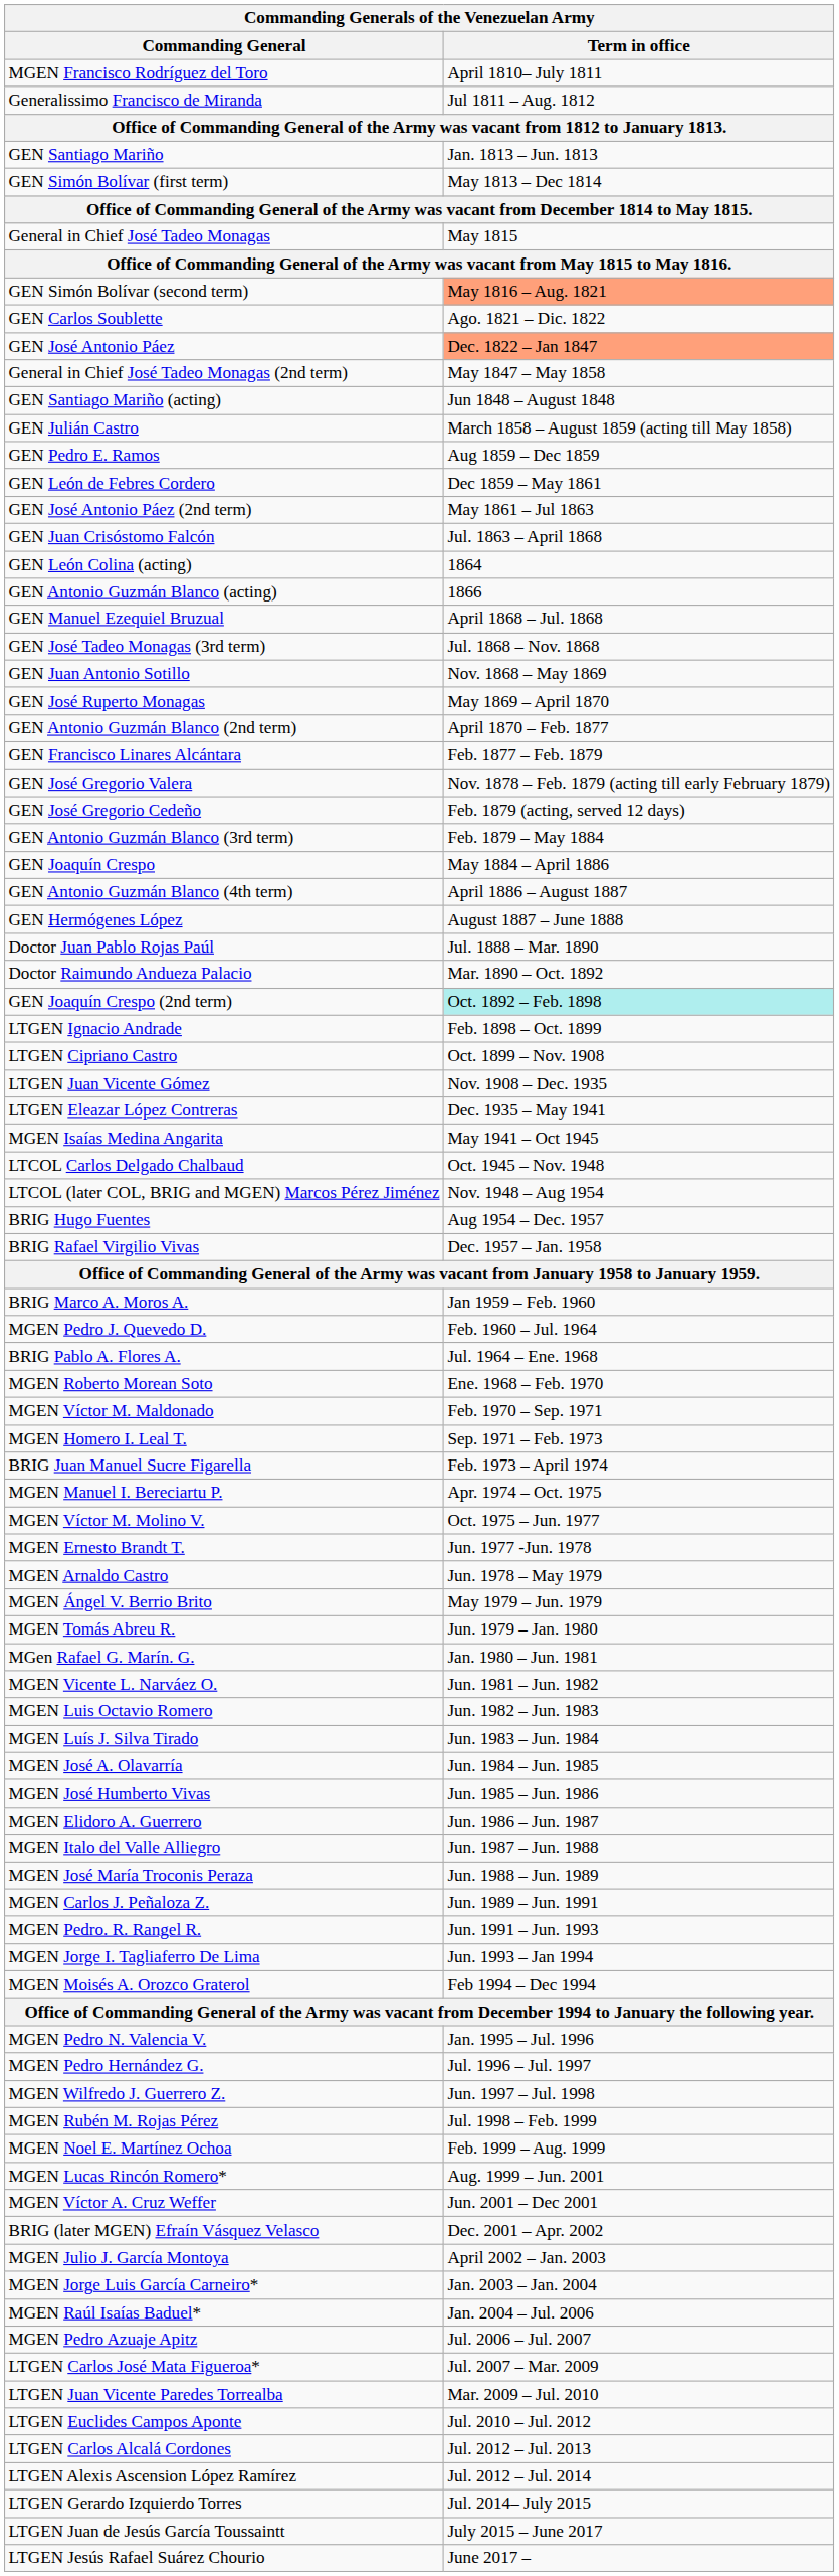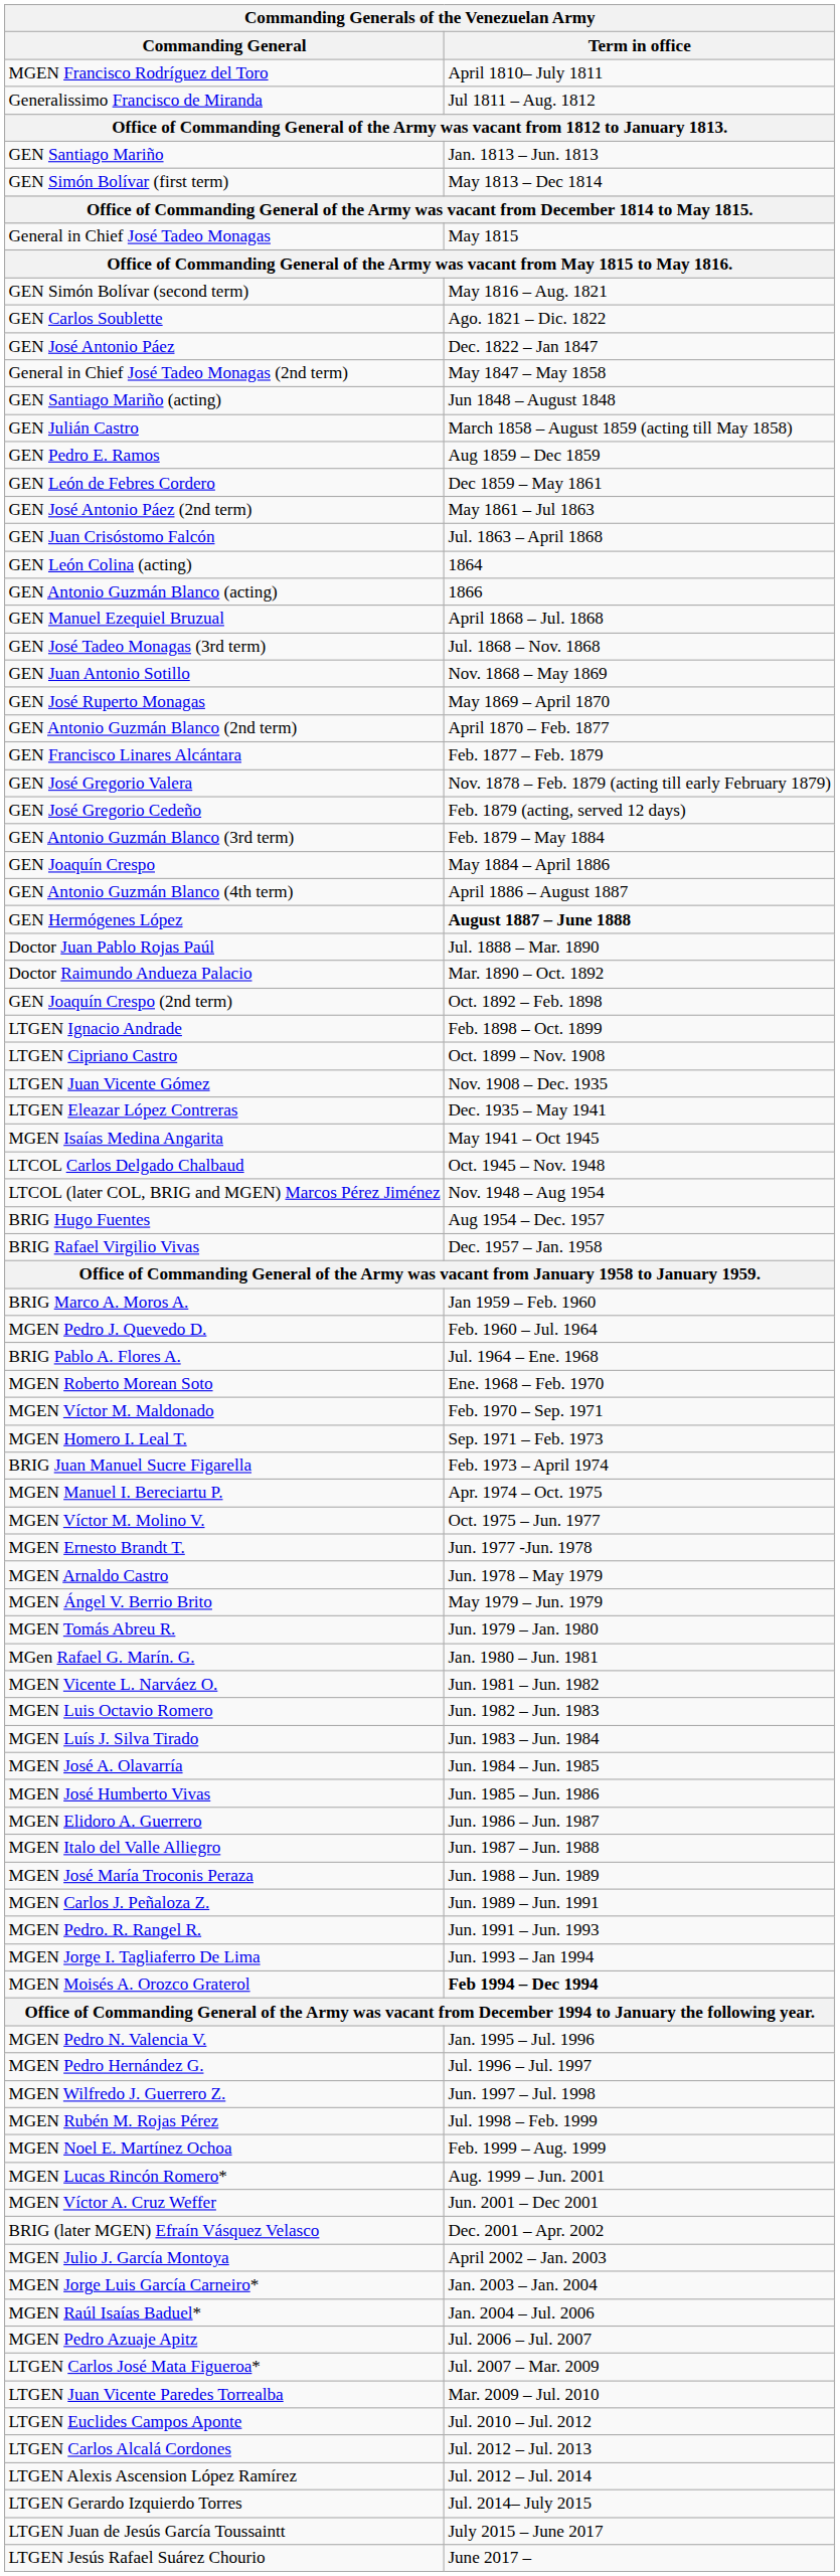 <table class="wikitable">
 <tr>
 <th colspan="4">Commanding Generals of the Venezuelan Army</th>
 </tr>
 <tr>
 <th align="center">Commanding General</th>
 <th align="center">Term in office</th>
 </tr>
 <tr>
 <td>MGEN <a href='#'>Francisco Rodríguez del Toro</a></td>
 <td>April 1810– July 1811</td>
 </tr>
 <tr>
 <td>Generalissimo <a href='#'>Francisco de Miranda</a></td>
 <td>Jul 1811 – Aug. 1812</td>
 </tr>
 <tr>
 <th colspan=4>Office of Commanding General of the Army was vacant from 1812 to January 1813.</th>
 </tr>
 <tr>
 <td>GEN <a href='#'>Santiago Mariño</a></td>
 <td>Jan. 1813 – Jun. 1813</td>
 </tr>
 <tr>
 <td>GEN <a href='#'>Simón Bolívar</a> (first term)</td>
 <td>May 1813 – Dec 1814</td>
 </tr>
 <tr bgcolor="cfcfcf">
 <th colspan=4>Office of Commanding General of the Army was vacant from December 1814 to May 1815.</th>
 </tr>
 <tr>
 <td>General in Chief <a href='#'>José Tadeo Monagas</a></td>
 <td>May 1815</td>
 </tr>
 <tr>
 <th colspan=4>Office of Commanding General of the Army was vacant from May 1815 to May 1816.</th>
 </tr>
 <tr>
 <td>GEN Simón Bolívar (second term)</td>
-<td style="background: lightsalmon;">May 1816 – Aug. 1821</td>
+<td>May 1816 – Aug. 1821</td>
 </tr>
 <tr>
 <td>GEN <a href='#'>Carlos Soublette</a></td>
 <td>Ago. 1821 – Dic. 1822</td>
 </tr>
 <tr>
 <td>GEN <a href='#'>José Antonio Páez</a></td>
-<td style="background: lightsalmon;">Dec. 1822 – Jan 1847</td>
+<td>Dec. 1822 – Jan 1847</td>
 </tr>
 <tr>
 <td>General in Chief <a href='#'>José Tadeo Monagas</a> (2nd term)</td>
 <td>May 1847 – May 1858</td>
 </tr>
 <tr>
 <td>GEN <a href='#'>Santiago Mariño</a> (acting)</td>
 <td>Jun 1848 – August 1848</td>
 </tr>
 <tr>
 <td>GEN <a href='#'>Julián Castro</a></td>
 <td>March 1858 – August 1859 (acting till May 1858)</td>
 </tr>
 <tr>
 <td>GEN <a href='#'>Pedro E. Ramos</a></td>
 <td>Aug 1859 – Dec 1859</td>
 </tr>
 <tr>
 <td>GEN <a href='#'>León de Febres Cordero</a></td>
 <td>Dec 1859 – May 1861</td>
 </tr>
 <tr>
 <td>GEN <a href='#'>José Antonio Páez</a> (2nd term)</td>
 <td>May 1861 – Jul 1863</td>
 </tr>
 <tr>
 <td>GEN <a href='#'>Juan Crisóstomo Falcón</a></td>
 <td>Jul. 1863 – April 1868</td>
 </tr>
 <tr>
 <td>GEN <a href='#'>León Colina</a> (acting)</td>
 <td>1864</td>
 </tr>
 <tr>
 <td>GEN <a href='#'>Antonio Guzmán Blanco</a> (acting)</td>
 <td>1866</td>
 </tr>
 <tr>
 <td>GEN <a href='#'>Manuel Ezequiel Bruzual</a></td>
 <td>April 1868 – Jul. 1868</td>
 </tr>
 <tr>
 <td>GEN <a href='#'>José Tadeo Monagas</a> (3rd term)</td>
 <td>Jul. 1868 – Nov. 1868</td>
 </tr>
 <tr>
 <td>GEN <a href='#'>Juan Antonio Sotillo</a></td>
 <td>Nov. 1868 – May 1869</td>
 </tr>
 <tr>
 <td>GEN <a href='#'>José Ruperto Monagas</a></td>
 <td>May 1869 – April 1870</td>
 </tr>
 <tr>
 <td>GEN <a href='#'>Antonio Guzmán Blanco</a> (2nd term)</td>
 <td>April 1870 – Feb. 1877</td>
 </tr>
 <tr>
 <td>GEN <a href='#'>Francisco Linares Alcántara</a></td>
 <td>Feb. 1877 – Feb. 1879</td>
 </tr>
 <tr>
 <td>GEN <a href='#'>José Gregorio Valera</a></td>
 <td>Nov. 1878 – Feb. 1879 (acting till early February 1879)</td>
 </tr>
 <tr>
 <td>GEN <a href='#'>José Gregorio Cedeño</a></td>
 <td>Feb. 1879 (acting, served 12 days)</td>
 </tr>
 <tr>
 <td>GEN <a href='#'>Antonio Guzmán Blanco</a> (3rd term)</td>
 <td>Feb. 1879 – May 1884</td>
 </tr>
 <tr>
 <td>GEN <a href='#'>Joaquín Crespo</a></td>
 <td>May 1884 – April 1886</td>
 </tr>
 <tr>
 <td>GEN <a href='#'>Antonio Guzmán Blanco</a> (4th term)</td>
 <td>April 1886 – August 1887</td>
 </tr>
 <tr>
 <td>GEN <a href='#'>Hermógenes López</a></td>
-<td>August 1887 – June 1888</td>
+<td><strong>August 1887 – June 1888</strong></td>
 </tr>
 <tr>
 <td>Doctor <a href='#'>Juan Pablo Rojas Paúl</a></td>
 <td>Jul. 1888 – Mar. 1890</td>
 </tr>
 <tr>
 <td>Doctor <a href='#'>Raimundo Andueza Palacio</a></td>
 <td>Mar. 1890 – Oct. 1892</td>
 </tr>
 <tr>
 <td>GEN <a href='#'>Joaquín Crespo</a> (2nd term)</td>
-<td style="background: paleturquoise;">Oct. 1892 – Feb. 1898</td>
+<td>Oct. 1892 – Feb. 1898</td>
 </tr>
 <tr>
 <td>LTGEN <a href='#'>Ignacio Andrade</a></td>
 <td>Feb. 1898 – Oct. 1899</td>
 </tr>
 <tr>
 <td>LTGEN <a href='#'>Cipriano Castro</a></td>
 <td>Oct. 1899 – Nov. 1908</td>
 </tr>
 <tr>
 <td>LTGEN <a href='#'>Juan Vicente Gómez</a></td>
 <td>Nov. 1908 – Dec. 1935</td>
 </tr>
 <tr>
 <td>LTGEN <a href='#'>Eleazar López Contreras</a></td>
 <td>Dec. 1935 – May 1941</td>
 </tr>
 <tr>
 <td>MGEN <a href='#'>Isaías Medina Angarita</a></td>
 <td>May 1941 – Oct 1945</td>
 </tr>
 <tr>
 <td>LTCOL <a href='#'>Carlos Delgado Chalbaud</a></td>
 <td>Oct. 1945 – Nov. 1948</td>
 </tr>
 <tr>
 <td>LTCOL (later COL, BRIG and MGEN) <a href='#'>Marcos Pérez Jiménez</a></td>
 <td>Nov. 1948 – Aug 1954</td>
 </tr>
 <tr>
 <td>BRIG <a href='#'>Hugo Fuentes</a></td>
 <td>Aug 1954 – Dec. 1957</td>
 </tr>
 <tr>
 <td>BRIG <a href='#'>Rafael Virgilio Vivas</a></td>
 <td>Dec. 1957 – Jan. 1958</td>
 </tr>
 <tr>
 <th colspan=4>Office of Commanding General of the Army was vacant from January 1958 to January 1959.</th>
 </tr>
 <tr>
 <td>BRIG <a href='#'>Marco A. Moros A.</a></td>
 <td>Jan 1959 – Feb. 1960</td>
 </tr>
 <tr>
 <td>MGEN <a href='#'>Pedro J. Quevedo D.</a></td>
 <td>Feb. 1960 – Jul. 1964</td>
 </tr>
 <tr>
 <td>BRIG <a href='#'>Pablo A. Flores A.</a></td>
 <td>Jul. 1964 – Ene. 1968</td>
 </tr>
 <tr>
 <td>MGEN <a href='#'>Roberto Morean Soto</a></td>
 <td>Ene. 1968 – Feb. 1970</td>
 </tr>
 <tr>
 <td>MGEN <a href='#'>Víctor M. Maldonado</a></td>
 <td>Feb. 1970 – Sep. 1971</td>
 </tr>
 <tr>
 <td>MGEN <a href='#'>Homero I. Leal T.</a></td>
 <td>Sep. 1971 – Feb. 1973</td>
 </tr>
 <tr>
 <td>BRIG <a href='#'>Juan Manuel Sucre Figarella</a></td>
 <td>Feb. 1973 – April 1974</td>
 </tr>
 <tr>
 <td>MGEN <a href='#'>Manuel I. Bereciartu P.</a></td>
 <td>Apr. 1974 – Oct. 1975</td>
 </tr>
 <tr>
 <td>MGEN <a href='#'>Víctor M. Molino V.</a></td>
 <td>Oct. 1975 – Jun. 1977</td>
 </tr>
 <tr>
 <td>MGEN <a href='#'>Ernesto Brandt T.</a></td>
 <td>Jun. 1977 -Jun. 1978</td>
 </tr>
 <tr>
 <td>MGEN <a href='#'>Arnaldo Castro</a></td>
 <td>Jun. 1978 – May 1979</td>
 </tr>
 <tr>
 <td>MGEN <a href='#'>Ángel V. Berrio Brito</a></td>
 <td>May 1979 – Jun. 1979</td>
 </tr>
 <tr>
 <td>MGEN <a href='#'>Tomás Abreu R.</a></td>
 <td>Jun. 1979 – Jan. 1980</td>
 </tr>
 <tr>
 <td>MGen <a href='#'>Rafael G. Marín. G.</a></td>
 <td>Jan. 1980 – Jun. 1981</td>
 </tr>
 <tr>
 <td>MGEN <a href='#'>Vicente L. Narváez O.</a></td>
 <td>Jun. 1981 – Jun. 1982</td>
 </tr>
 <tr>
 <td>MGEN <a href='#'>Luis Octavio Romero</a></td>
 <td>Jun. 1982 – Jun. 1983</td>
 </tr>
 <tr>
 <td>MGEN <a href='#'>Luís J. Silva Tirado</a></td>
 <td>Jun. 1983 – Jun. 1984</td>
 </tr>
 <tr>
 <td>MGEN <a href='#'>José A. Olavarría</a></td>
 <td>Jun. 1984 – Jun. 1985</td>
 </tr>
 <tr>
 <td>MGEN <a href='#'>José Humberto Vivas</a></td>
 <td>Jun. 1985 – Jun. 1986</td>
 </tr>
 <tr>
 <td>MGEN <a href='#'>Elidoro A. Guerrero</a></td>
 <td>Jun. 1986 – Jun. 1987</td>
 </tr>
 <tr>
 <td>MGEN <a href='#'>Italo del Valle Alliegro</a></td>
 <td>Jun. 1987 – Jun. 1988</td>
 </tr>
 <tr>
 <td>MGEN <a href='#'>José María Troconis Peraza</a></td>
 <td>Jun. 1988 – Jun. 1989</td>
 </tr>
 <tr>
 <td>MGEN <a href='#'>Carlos J. Peñaloza Z.</a></td>
 <td>Jun. 1989 – Jun. 1991</td>
 </tr>
 <tr>
 <td>MGEN <a href='#'>Pedro. R. Rangel R.</a></td>
 <td>Jun. 1991 – Jun. 1993</td>
 </tr>
 <tr>
 <td>MGEN <a href='#'>Jorge I. Tagliaferro De Lima</a></td>
 <td>Jun. 1993 – Jan 1994</td>
 </tr>
 <tr>
 <td>MGEN <a href='#'>Moisés A. Orozco Graterol</a></td>
-<td>Feb 1994 – Dec 1994</td>
+<td><strong>Feb 1994 – Dec 1994</strong></td>
 </tr>
 <tr>
 <th colspan=4>Office of Commanding General of the Army was vacant from December 1994 to January the following year.</th>
 </tr>
 <tr>
 <td>MGEN <a href='#'>Pedro N. Valencia V.</a></td>
 <td>Jan. 1995 – Jul. 1996</td>
 </tr>
 <tr>
 <td>MGEN <a href='#'>Pedro Hernández G.</a></td>
 <td>Jul. 1996 – Jul. 1997</td>
 </tr>
 <tr>
 <td>MGEN <a href='#'>Wilfredo J. Guerrero Z.</a></td>
 <td>Jun. 1997 – Jul. 1998</td>
 </tr>
 <tr>
 <td>MGEN <a href='#'>Rubén M. Rojas Pérez</a></td>
 <td>Jul. 1998 – Feb. 1999</td>
 </tr>
 <tr>
 <td>MGEN <a href='#'>Noel E. Martínez Ochoa</a></td>
 <td>Feb. 1999 – Aug. 1999</td>
 </tr>
 <tr>
 <td>MGEN <a href='#'>Lucas Rincón Romero</a>*</td>
 <td>Aug. 1999 – Jun. 2001</td>
 </tr>
 <tr>
 <td>MGEN <a href='#'>Víctor A. Cruz Weffer</a></td>
 <td>Jun. 2001 – Dec 2001</td>
 </tr>
 <tr>
 <td>BRIG (later MGEN) <a href='#'>Efraín Vásquez Velasco</a></td>
 <td>Dec. 2001 – Apr. 2002</td>
 </tr>
 <tr>
 <td>MGEN <a href='#'>Julio J. García Montoya</a></td>
 <td>April 2002 – Jan. 2003</td>
 </tr>
 <tr>
 <td>MGEN <a href='#'>Jorge Luis García Carneiro</a>*</td>
 <td>Jan. 2003 – Jan. 2004</td>
 </tr>
 <tr>
 <td>MGEN <a href='#'>Raúl Isaías Baduel</a>*</td>
 <td>Jan. 2004 – Jul. 2006</td>
 </tr>
 <tr>
 <td>MGEN <a href='#'>Pedro Azuaje Apitz</a></td>
 <td>Jul. 2006 – Jul. 2007</td>
 </tr>
 <tr>
 <td>LTGEN <a href='#'>Carlos José Mata Figueroa</a>*</td>
 <td>Jul. 2007 – Mar. 2009</td>
 </tr>
 <tr>
 <td>LTGEN <a href='#'>Juan Vicente Paredes Torrealba</a></td>
 <td>Mar. 2009 – Jul. 2010</td>
 </tr>
 <tr>
 <td>LTGEN <a href='#'>Euclides Campos Aponte</a></td>
 <td>Jul. 2010 – Jul. 2012</td>
 </tr>
 <tr>
 <td>LTGEN <a href='#'>Carlos Alcalá Cordones</a></td>
 <td>Jul. 2012 – Jul. 2013</td>
 </tr>
 <tr>
 <td>LTGEN Alexis Ascension López Ramírez</td>
 <td>Jul. 2012 – Jul. 2014</td>
 </tr>
 <tr>
 <td>LTGEN Gerardo Izquierdo Torres</td>
 <td>Jul. 2014– July 2015</td>
 </tr>
 <tr>
 <td>LTGEN Juan de Jesús García Toussaintt</td>
 <td>July 2015 – June 2017</td>
 </tr>
 <tr>
 <td>LTGEN Jesús Rafael Suárez Chourio</td>
 <td>June 2017 –</td>
 </tr>
 </table>
